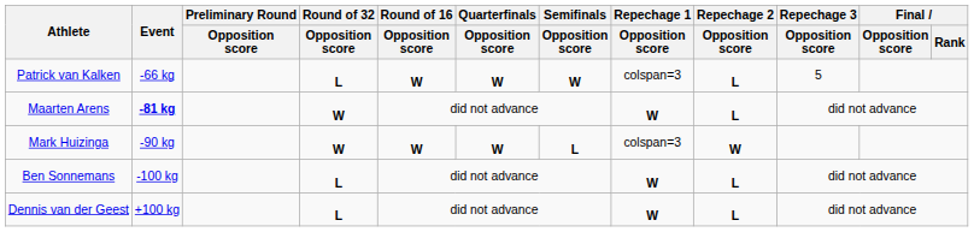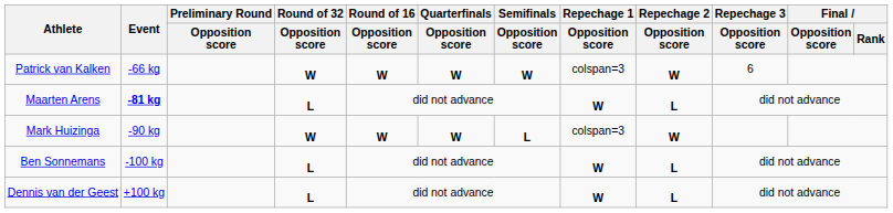 <table class=wikitable style="font-size:90%">
 <tr>
 <th rowspan=2>Athlete</th>
 <th rowspan=2>Event</th>
 <th>Preliminary Round</th>
 <th>Round of 32</th>
 <th>Round of 16</th>
 <th>Quarterfinals</th>
 <th>Semifinals</th>
 <th>Repechage 1</th>
 <th>Repechage 2</th>
 <th>Repechage 3</th>
 <th colspan=2>Final / </th>
 </tr>
 <tr>
 <th>Opposition<br> score</th>
 <th>Opposition<br> score</th>
 <th>Opposition<br> score</th>
 <th>Opposition<br> score</th>
 <th>Opposition<br> score</th>
 <th>Opposition<br> score</th>
 <th>Opposition<br> score</th>
 <th>Opposition<br> score</th>
 <th>Opposition<br> score</th>
 <th>Rank</th>
 </tr>
 <tr align=center>
 <td><a href='#'>Patrick van Kalken</a></td>
 <td><a href='#'>-66 kg</a></td>
 <td></td>
-<td> <br> <strong>L</strong></td>
+<td> <br> <strong>W</strong></td>
 <td> <br> <strong>W</strong></td>
 <td> <br> <strong>W</strong></td>
 <td> <br> <strong>W</strong></td>
 <td>colspan=3 </td>
-<td> <br> <strong>L</strong></td>
-<td>5</td>
+<td> <br> <strong>W</strong></td>
+<td>6</td>
 </tr>
 <tr align=center>
 <td><a href='#'>Maarten Arens</a></td>
 <td><strong><a href='#'>-81 kg</a></strong></td>
 <td></td>
-<td> <br> <strong>W</strong></td>
+<td> <br> <strong>L</strong></td>
 <td colspan=3>did not advance</td>
 <td> <br> <strong>W</strong></td>
 <td> <br> <strong>L</strong></td>
 <td colspan=3>did not advance</td>
 </tr>
 <tr align=center>
 <td><a href='#'>Mark Huizinga</a></td>
 <td><a href='#'>-90 kg</a></td>
 <td></td>
 <td> <br> <strong>W</strong></td>
 <td> <br> <strong>W</strong></td>
 <td> <br> <strong>W</strong></td>
 <td> <br> <strong>L</strong></td>
 <td>colspan=3 </td>
 <td> <br> <strong>W</strong></td>
 <td></td>
 </tr>
 <tr align=center>
 <td><a href='#'>Ben Sonnemans</a></td>
 <td><a href='#'>-100 kg</a></td>
 <td></td>
 <td> <br> <strong>L</strong></td>
 <td colspan=3>did not advance</td>
 <td> <br> <strong>W</strong></td>
 <td> <br> <strong>L</strong></td>
 <td colspan=3>did not advance</td>
 </tr>
 <tr align=center>
 <td><a href='#'>Dennis van der Geest</a></td>
 <td><a href='#'>+100 kg</a></td>
 <td></td>
 <td> <br> <strong>L</strong></td>
 <td colspan=3>did not advance</td>
 <td> <br> <strong>W</strong></td>
 <td> <br> <strong>L</strong></td>
 <td colspan=3>did not advance</td>
 </tr>
 </table>
